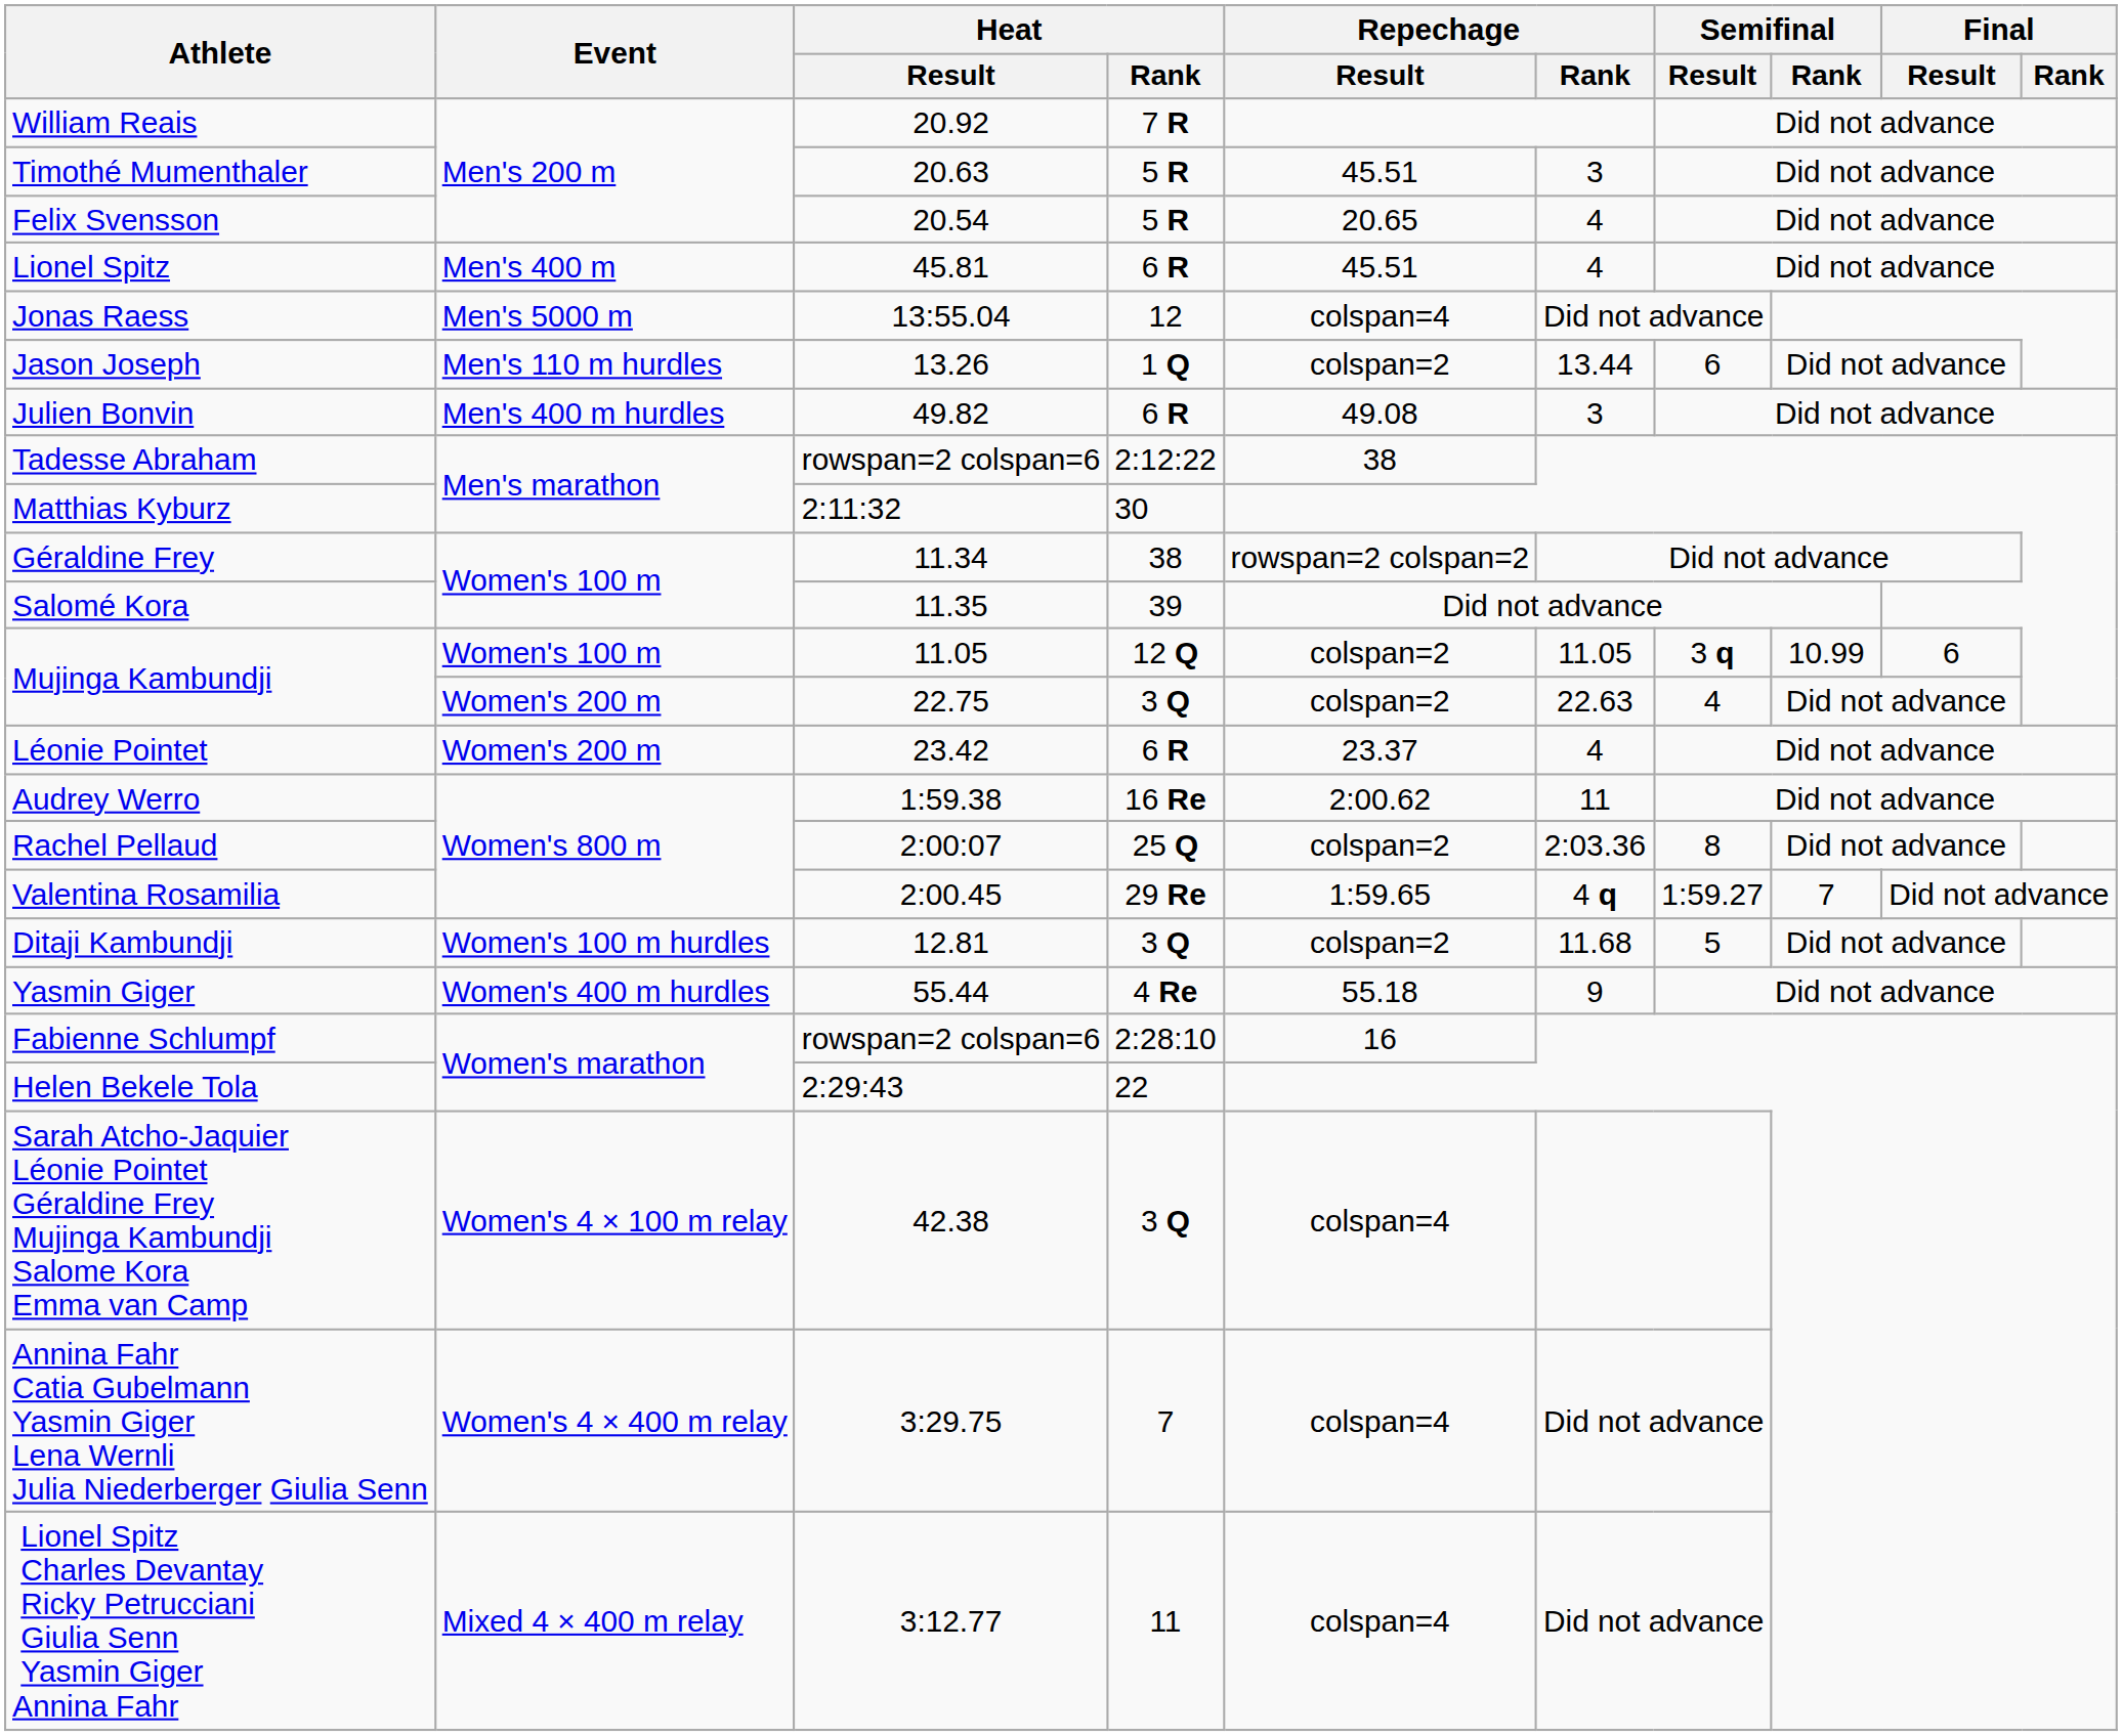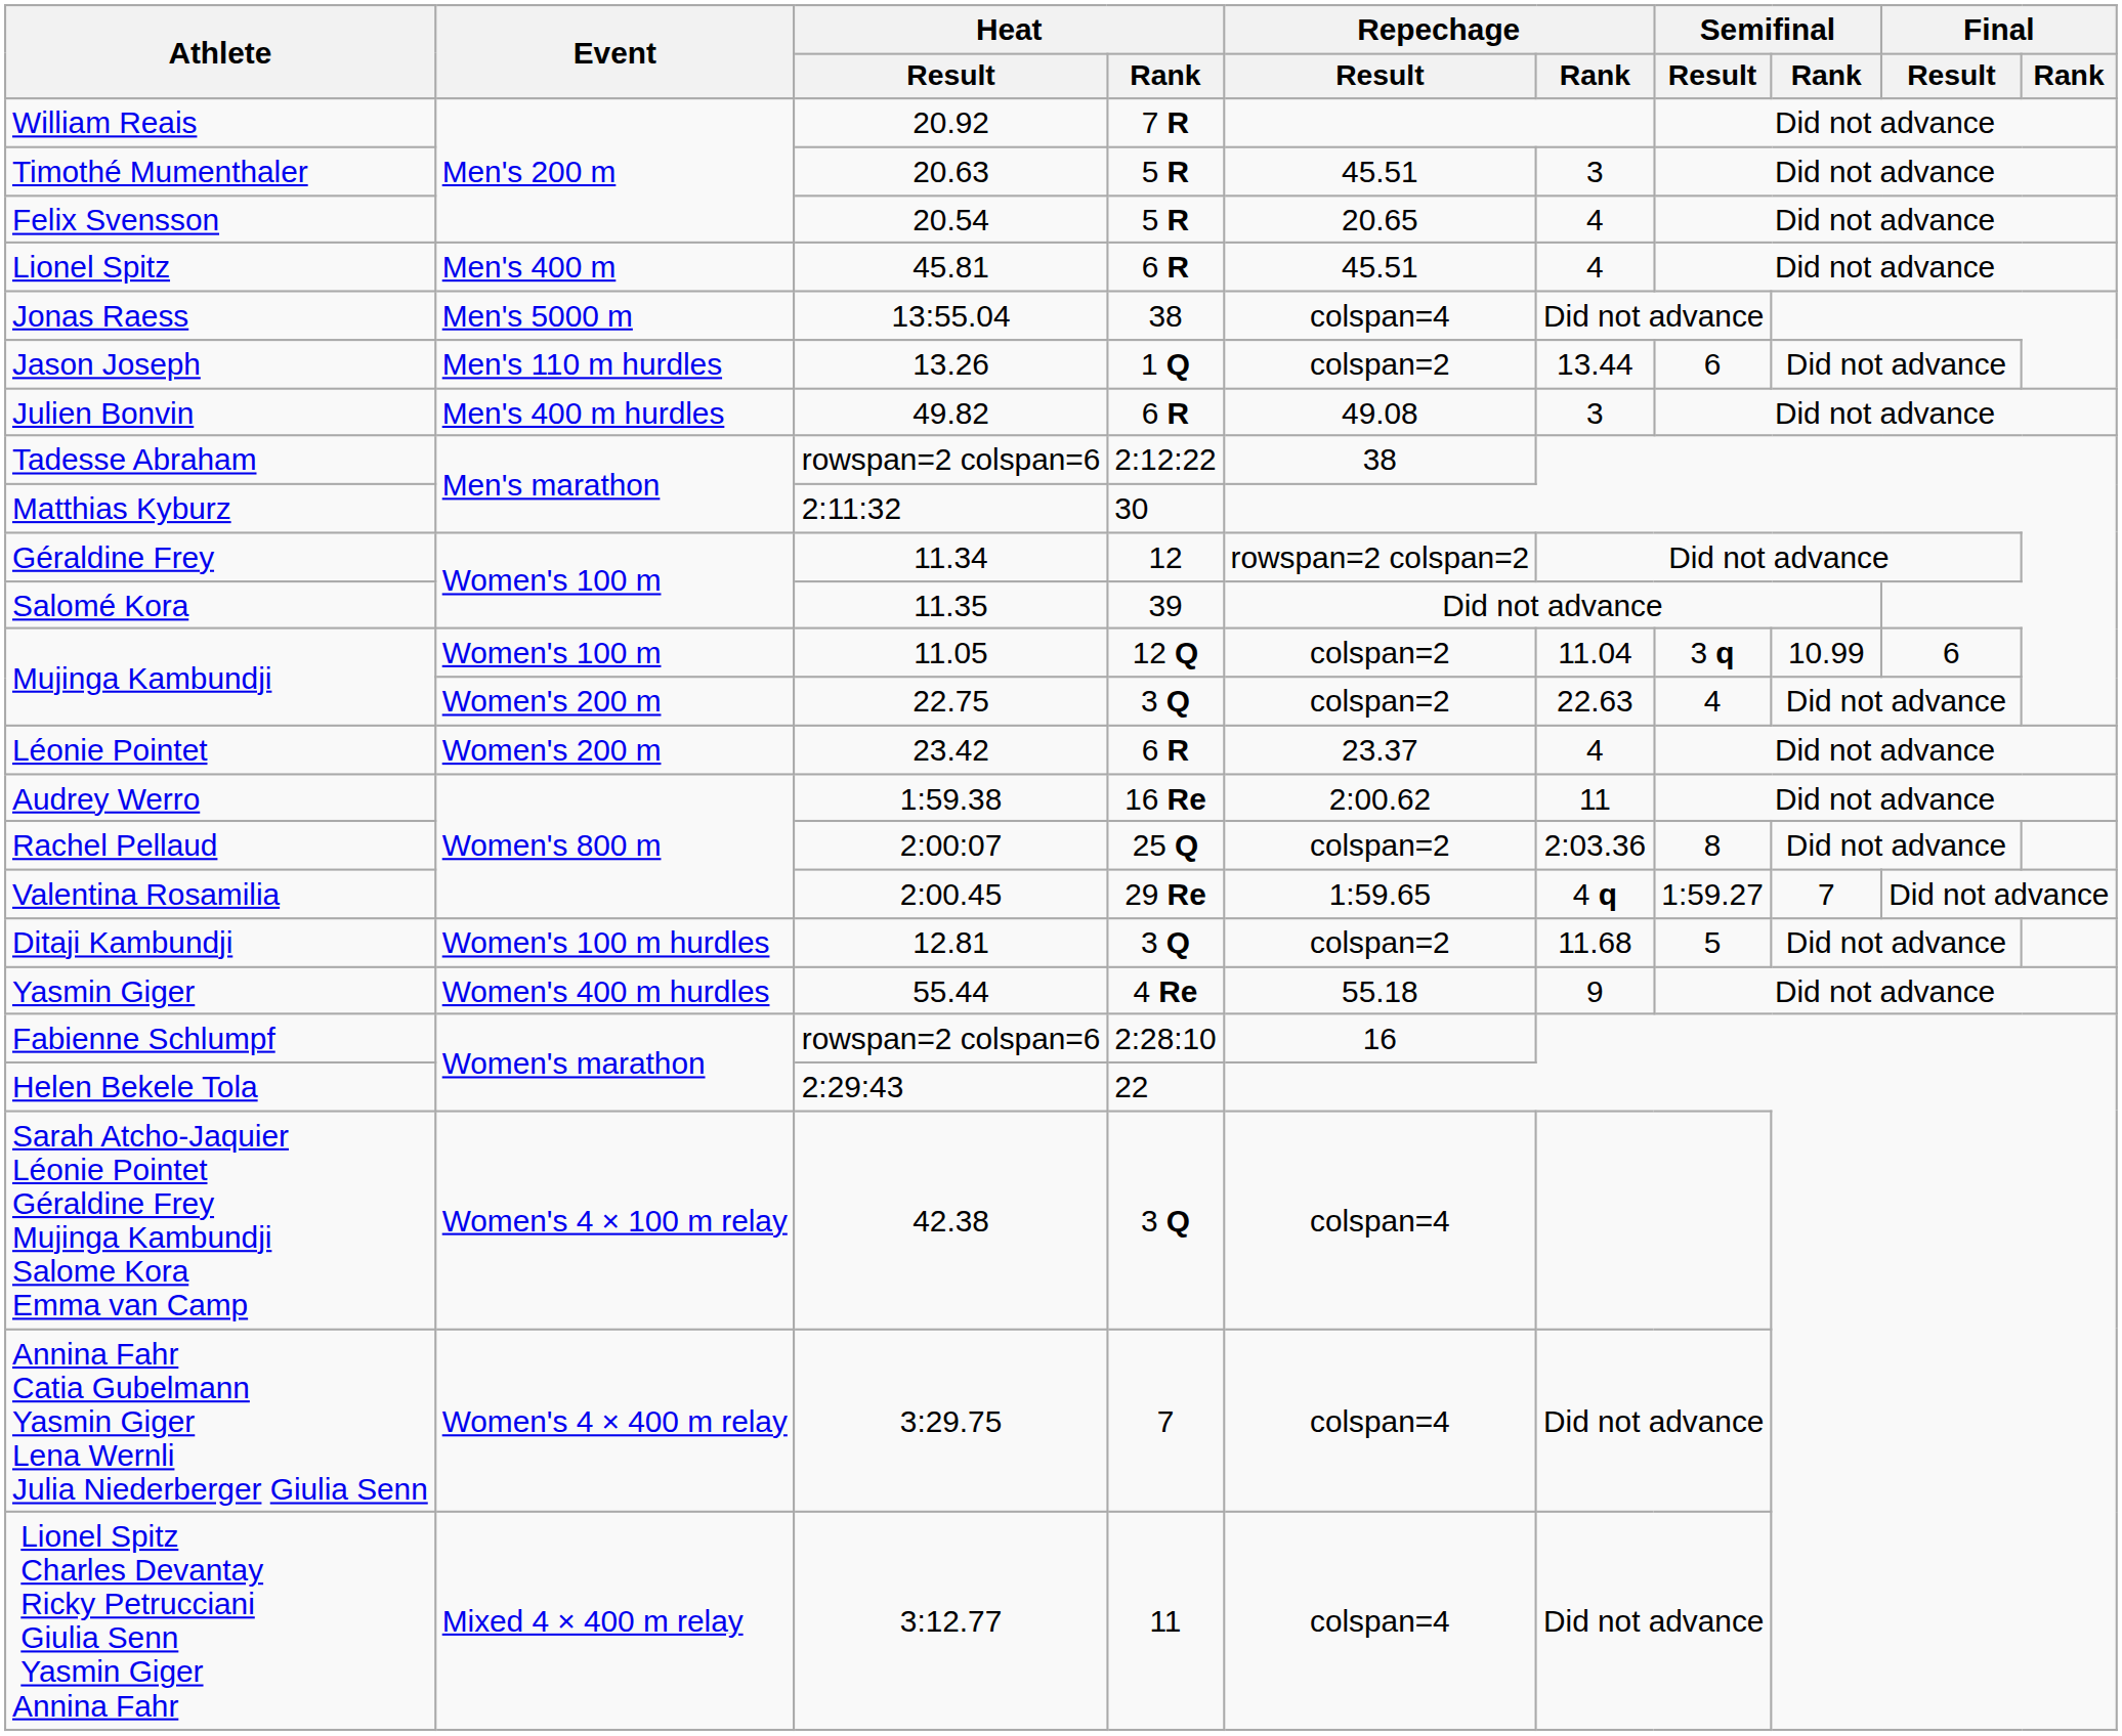 <table class="wikitable" style="font-size:90%">
 <tr>
 <th rowspan="2">Athlete</th>
 <th rowspan="2">Event</th>
 <th colspan="2">Heat</th>
 <th colspan="2">Repechage</th>
 <th colspan="2">Semifinal</th>
 <th colspan="2">Final</th>
 </tr>
 <tr style="font-size:95%">
 <th>Result</th>
 <th>Rank</th>
 <th>Result</th>
 <th>Rank</th>
 <th>Result</th>
 <th>Rank</th>
 <th>Result</th>
 <th>Rank</th>
 </tr>
 <tr align=center>
 <td align=left><a href='#'>William Reais</a></td>
 <td align=left rowspan=3><a href='#'>Men's 200 m</a></td>
 <td>20.92</td>
 <td>7 <strong>R</strong></td>
 <td colspan=2></td>
 <td colspan=4>Did not advance</td>
 </tr>
 <tr align=center>
 <td align=left><a href='#'>Timothé Mumenthaler</a></td>
 <td>20.63</td>
 <td>5 <strong>R</strong></td>
 <td>45.51</td>
 <td>3</td>
 <td colspan=4>Did not advance</td>
 </tr>
 <tr align=center>
 <td align=left><a href='#'>Felix Svensson</a></td>
 <td>20.54</td>
 <td>5 <strong>R</strong></td>
 <td>20.65</td>
 <td>4</td>
 <td colspan=4>Did not advance</td>
 </tr>
 <tr align=center>
 <td align=left><a href='#'>Lionel Spitz</a></td>
 <td align=left><a href='#'>Men's 400 m</a></td>
 <td>45.81</td>
 <td>6 <strong>R</strong></td>
 <td>45.51</td>
 <td>4</td>
 <td colspan=4>Did not advance</td>
 </tr>
 <tr align=center>
 <td align=left><a href='#'>Jonas Raess</a></td>
 <td align=left><a href='#'>Men's 5000 m</a></td>
 <td>13:55.04</td>
-<td>12</td>
+<td>38</td>
 <td>colspan=4 </td>
 <td colspan=2>Did not advance</td>
 </tr>
 <tr align=center>
 <td align=left><a href='#'>Jason Joseph</a></td>
 <td align=left><a href='#'>Men's 110 m hurdles</a></td>
 <td>13.26</td>
 <td>1 <strong>Q</strong></td>
 <td>colspan=2 </td>
 <td>13.44</td>
 <td>6</td>
 <td colspan=2>Did not advance</td>
 </tr>
 <tr align=center>
 <td align=left><a href='#'>Julien Bonvin</a></td>
 <td align=left><a href='#'>Men's 400 m hurdles</a></td>
 <td>49.82</td>
 <td>6 <strong>R</strong></td>
 <td>49.08</td>
 <td>3</td>
 <td colspan=4>Did not advance</td>
 </tr>
 <tr align=center>
 <td align=left><a href='#'>Tadesse Abraham</a></td>
 <td rowspan="2" align="left"><a href='#'>Men's marathon</a></td>
 <td>rowspan=2 colspan=6 </td>
 <td>2:12:22</td>
 <td>38</td>
 </tr>
 <tr>
 <td><a href='#'>Matthias Kyburz</a></td>
 <td>2:11:32</td>
 <td>30</td>
 </tr>
 <tr align=center>
 <td align=left><a href='#'>Géraldine Frey</a></td>
 <td align=left rowspan=2><a href='#'>Women's 100 m</a></td>
 <td>11.34</td>
-<td>38</td>
+<td>12</td>
 <td>rowspan=2 colspan=2 </td>
 <td colspan="4">Did not advance</td>
 </tr>
 <tr align=center>
 <td align=left><a href='#'>Salomé Kora</a></td>
 <td>11.35</td>
 <td>39</td>
 <td colspan="4">Did not advance</td>
 </tr>
 <tr align=center>
 <td align=left rowspan=2><a href='#'>Mujinga Kambundji</a></td>
 <td align=left><a href='#'>Women's 100 m</a></td>
 <td>11.05</td>
 <td>12 <strong>Q</strong></td>
 <td>colspan=2 </td>
-<td>11.05</td>
+<td>11.04</td>
 <td>3 <strong>q</strong></td>
 <td>10.99</td>
 <td>6</td>
 </tr>
 <tr align=center>
 <td align=left><a href='#'>Women's 200 m</a></td>
 <td>22.75</td>
 <td>3 <strong>Q</strong></td>
 <td>colspan=2 </td>
 <td>22.63</td>
 <td>4</td>
 <td colspan=2>Did not advance</td>
 </tr>
 <tr align=center>
 <td align=left><a href='#'>Léonie Pointet</a></td>
 <td align=left><a href='#'>Women's 200 m</a></td>
 <td>23.42</td>
 <td>6 <strong>R</strong></td>
 <td>23.37</td>
 <td>4</td>
 <td colspan=4>Did not advance</td>
 </tr>
 <tr align=center>
 <td align=left><a href='#'>Audrey Werro</a></td>
 <td align=left rowspan=3><a href='#'>Women's 800 m</a></td>
 <td>1:59.38</td>
 <td>16 <strong>Re</strong></td>
 <td>2:00.62</td>
 <td>11</td>
 <td colspan="4">Did not advance</td>
 </tr>
 <tr align=center>
 <td align=left><a href='#'>Rachel Pellaud</a></td>
 <td>2:00:07</td>
 <td>25 <strong>Q</strong></td>
 <td>colspan=2 </td>
 <td>2:03.36</td>
 <td>8</td>
 <td colspan=2>Did not advance</td>
 </tr>
 <tr align=center>
 <td align=left><a href='#'>Valentina Rosamilia</a></td>
 <td>2:00.45</td>
 <td>29 <strong>Re</strong></td>
 <td>1:59.65</td>
 <td>4 <strong>q</strong></td>
 <td>1:59.27</td>
 <td>7</td>
 <td colspan=2>Did not advance</td>
 </tr>
 <tr align=center>
 <td align=left><a href='#'>Ditaji Kambundji</a></td>
 <td align=left><a href='#'>Women's 100 m hurdles</a></td>
 <td>12.81</td>
 <td>3 <strong>Q</strong></td>
 <td>colspan=2 </td>
 <td>11.68</td>
 <td>5</td>
 <td colspan=2>Did not advance</td>
 </tr>
 <tr align=center>
 <td align=left><a href='#'>Yasmin Giger</a></td>
 <td align=left><a href='#'>Women's 400 m hurdles</a></td>
 <td>55.44</td>
 <td>4 <strong>Re</strong></td>
 <td>55.18</td>
 <td>9</td>
 <td colspan=4>Did not advance</td>
 </tr>
 <tr align=center>
 <td align=left><a href='#'>Fabienne Schlumpf</a></td>
 <td rowspan="2" align="left"><a href='#'>Women's marathon</a></td>
 <td>rowspan=2 colspan=6 </td>
 <td>2:28:10 <strong></strong></td>
 <td>16</td>
 </tr>
 <tr>
 <td><a href='#'>Helen Bekele Tola</a></td>
 <td>2:29:43</td>
 <td>22</td>
 </tr>
 <tr align=center>
 <td align=left><a href='#'>Sarah Atcho-Jaquier</a><br><a href='#'>Léonie Pointet</a><br><a href='#'>Géraldine Frey</a><br><a href='#'>Mujinga Kambundji</a><br><a href='#'>Salome Kora</a><br><a href='#'>Emma van Camp</a></td>
 <td align=left><a href='#'>Women's 4 × 100 m relay</a></td>
 <td>42.38 <strong></strong></td>
 <td>3 <strong>Q</strong></td>
 <td>colspan=4 </td>
 <td colspan=2></td>
 </tr>
 <tr align=center>
 <td align=left><a href='#'>Annina Fahr</a><br><a href='#'>Catia Gubelmann</a><br><a href='#'>Yasmin Giger</a><br><a href='#'>Lena Wernli</a><br><a href='#'>Julia Niederberger</a> <a href='#'>Giulia Senn</a></td>
 <td align=left><a href='#'>Women's 4 × 400 m relay</a></td>
 <td>3:29.75</td>
 <td>7</td>
 <td>colspan=4 </td>
 <td colspan=2>Did not advance</td>
 </tr>
 <tr align=center>
 <td align=left> <a href='#'>Lionel Spitz</a><br> <a href='#'>Charles Devantay</a><br> <a href='#'>Ricky Petrucciani</a><br> <a href='#'>Giulia Senn</a> <br> <a href='#'>Yasmin Giger</a><br><a href='#'>Annina Fahr</a></td>
 <td align=left><a href='#'>Mixed 4 × 400 m relay</a></td>
 <td>3:12.77</td>
 <td>11 <strong></strong></td>
 <td>colspan=4 </td>
 <td Colspan=2>Did not advance</td>
 </tr>
 </table>
